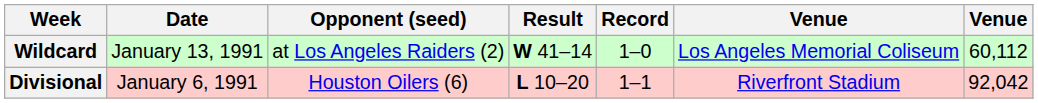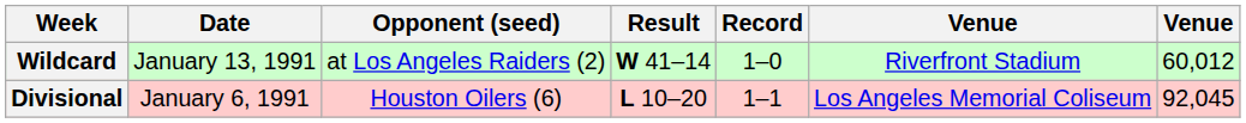 <table class="wikitable" style="text-align:center">
 <tr>
 <th>Week</th>
 <th>Date</th>
 <th>Opponent (seed)</th>
 <th>Result</th>
 <th>Record</th>
 <th>Venue</th>
 <th>Venue</th>
 </tr>
 <tr style="background:#cfc">
 <th>Wildcard</th>
 <td>January 13, 1991</td>
 <td>at <a href='#'>Los Angeles Raiders</a> (2)</td>
 <td><strong>W</strong> 41–14</td>
 <td>1–0</td>
-<td><a href='#'>Los Angeles Memorial Coliseum</a></td>
-<td>60,112</td>
+<td><a href='#'>Riverfront Stadium</a></td>
+<td>60,012</td>
 </tr>
 <tr style="background:#fcc">
 <th>Divisional</th>
 <td>January 6, 1991</td>
 <td><a href='#'>Houston Oilers</a> (6)</td>
 <td><strong>L</strong> 10–20</td>
 <td>1–1</td>
-<td><a href='#'>Riverfront Stadium</a></td>
-<td>92,042</td>
+<td><a href='#'>Los Angeles Memorial Coliseum</a></td>
+<td>92,045</td>
 </tr>
 </table>
